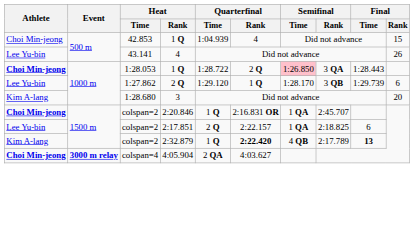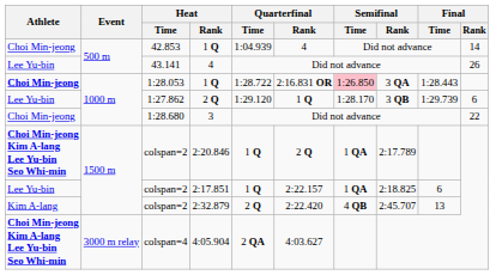 <table class=wikitable style="font-size:90%; text-align:center">
 <tr>
 <th rowspan=2>Athlete</th>
 <th rowspan=2>Event</th>
 <th colspan=2>Heat</th>
 <th colspan=2>Quarterfinal</th>
 <th colspan=2>Semifinal</th>
 <th colspan=2>Final</th>
 </tr>
 <tr style=font-size:95%>
 <th>Time</th>
 <th>Rank</th>
 <th>Time</th>
 <th>Rank</th>
 <th>Time</th>
 <th>Rank</th>
 <th>Time</th>
 <th>Rank</th>
 </tr>
 <tr>
 <td align=left><a href='#'>Choi Min-jeong</a></td>
 <td align=left rowspan=2><a href='#'>500 m</a></td>
 <td>42.853</td>
 <td>1 <strong>Q</strong></td>
 <td>1:04.939</td>
 <td>4</td>
 <td colspan=3>Did not advance</td>
-<td>15</td>
+<td>14</td>
 </tr>
 <tr>
 <td align=left><a href='#'>Lee Yu-bin</a></td>
 <td>43.141</td>
 <td>4</td>
 <td colspan=5>Did not advance</td>
 <td>26</td>
 </tr>
 <tr>
 <td align=left><strong><a href='#'>Choi Min-jeong</a></strong></td>
 <td align=left rowspan=3><a href='#'>1000 m</a></td>
 <td>1:28.053</td>
 <td>1 <strong>Q</strong></td>
 <td>1:28.722</td>
-<td>2 <strong>Q</strong></td>
+<td>2:16.831 <strong>OR</strong></td>
 <td style="background: pink;">1:26.850</td>
 <td>3 <strong>QA</strong></td>
 <td>1:28.443</td>
 <td></td>
 </tr>
 <tr>
 <td align=left><a href='#'>Lee Yu-bin</a></td>
 <td>1:27.862</td>
 <td>2 <strong>Q</strong></td>
 <td>1:29.120</td>
 <td>1 <strong>Q</strong></td>
 <td>1:28.170</td>
 <td>3 <strong>QB</strong></td>
 <td>1:29.739</td>
 <td>6</td>
 </tr>
 <tr>
-<td align=left><a href='#'>Kim A-lang</a></td>
+<td align=left><a href='#'>Choi Min-jeong</a></td>
 <td>1:28.680</td>
 <td>3</td>
 <td colspan=5>Did not advance</td>
-<td>20</td>
+<td>22</td>
 </tr>
 <tr>
-<td align=left><strong><a href='#'>Choi Min-jeong</a></strong></td>
+<td align=left><strong><a href='#'>Choi Min-jeong</a><br><a href='#'>Kim A-lang</a><br><a href='#'>Lee Yu-bin</a><br><a href='#'>Seo Whi-min</a></strong></td>
 <td align=left rowspan=3><a href='#'>1500 m</a></td>
 <td>colspan=2 </td>
 <td>2:20.846</td>
 <td>1 <strong>Q</strong></td>
-<td>2:16.831 <strong>OR</strong></td>
+<td>2 <strong>Q</strong></td>
 <td>1 <strong>QA</strong></td>
-<td>2:45.707</td>
+<td>2:17.789</td>
 <td></td>
 </tr>
 <tr>
 <td align=left><a href='#'>Lee Yu-bin</a></td>
 <td>colspan=2</td>
 <td>2:17.851</td>
-<td>2 <strong>Q</strong></td>
+<td>1 <strong>Q</strong></td>
 <td>2:22.157</td>
 <td>1 <strong>QA</strong></td>
 <td>2:18.825</td>
 <td>6</td>
 </tr>
 <tr>
 <td align=left><a href='#'>Kim A-lang</a></td>
 <td>colspan=2</td>
 <td>2:32.879</td>
-<td>1 <strong>Q</strong></td>
-<td><strong>2:22.420</strong></td>
+<td>2 <strong>Q</strong></td>
+<td>2:22.420</td>
 <td>4 <strong>QB</strong></td>
-<td>2:17.789</td>
-<td><strong>13</strong></td>
+<td>2:45.707</td>
+<td>13</td>
 </tr>
 <tr>
-<td align=left><strong><a href='#'>Choi Min-jeong</a></strong></td>
-<td align=left><strong><a href='#'>3000 m relay</a></strong></td>
+<td align=left><strong><a href='#'>Choi Min-jeong</a><br><a href='#'>Kim A-lang</a><br><a href='#'>Lee Yu-bin</a><br><a href='#'>Seo Whi-min</a></strong></td>
+<td align=left><a href='#'>3000 m relay</a></td>
 <td>colspan=4 </td>
 <td>4:05.904</td>
 <td>2 <strong>QA</strong></td>
 <td>4:03.627</td>
 <td></td>
 </tr>
 </table>
